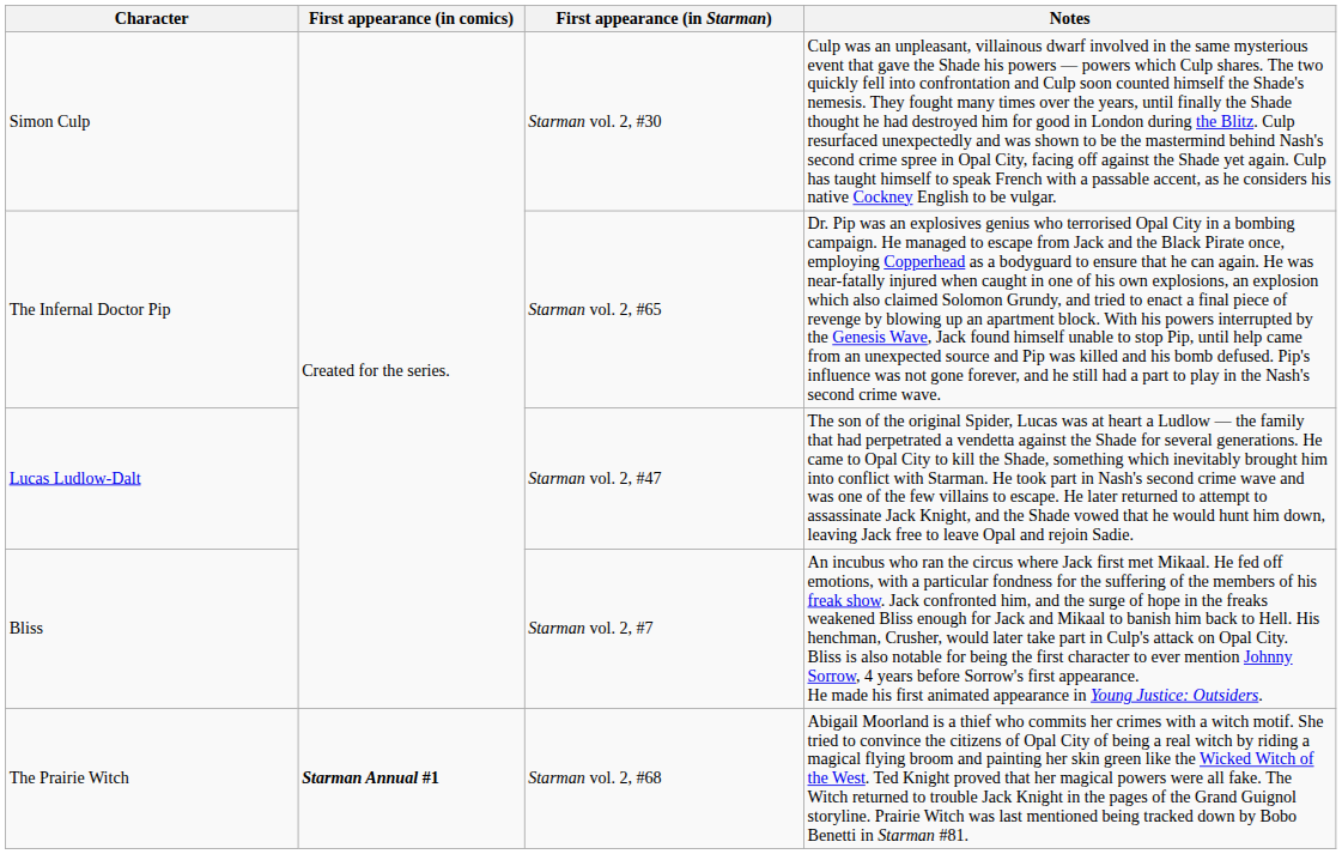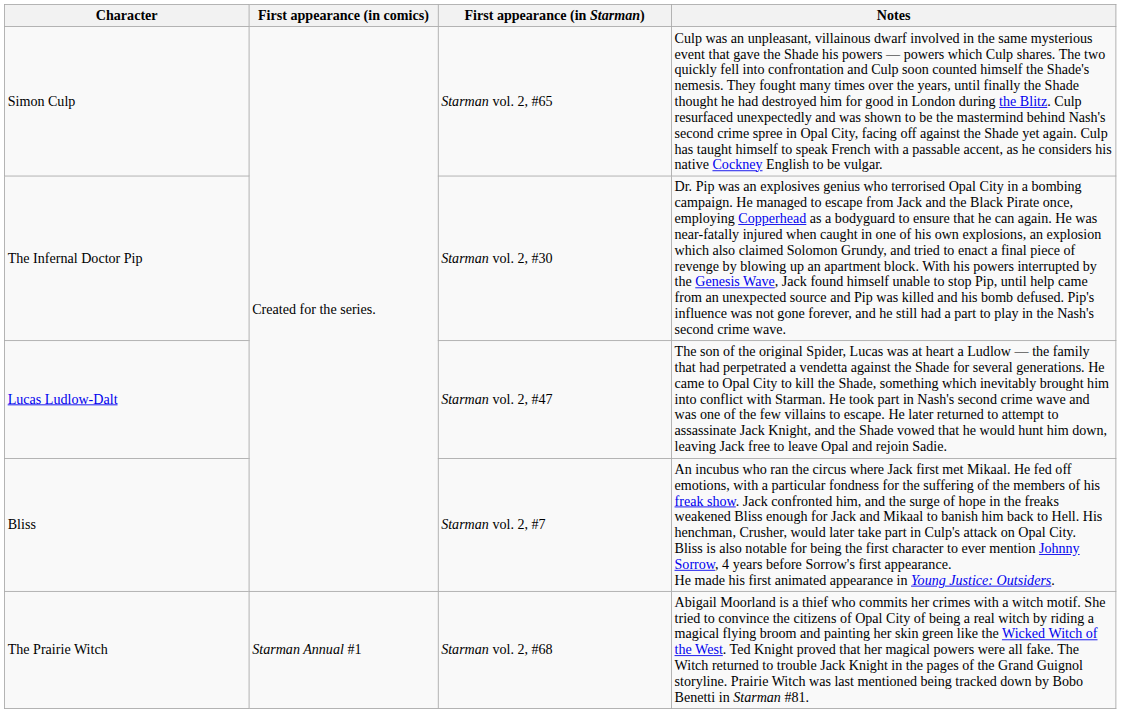 <table class="wikitable" width=100%>
 <tr>
 <th width=22%>Character</th>
 <th width=17%>First appearance (in comics)</th>
 <th width=21%>First appearance (in <em>Starman</em>)</th>
 <th width=40%>Notes</th>
 </tr>
 <tr>
 <td>Simon Culp</td>
 <td rowspan=4>Created for the series.</td>
-<td><em>Starman</em> vol. 2, #30</td>
+<td><em>Starman</em> vol. 2, #65</td>
 <td>Culp was an unpleasant, villainous dwarf involved in the same mysterious event that gave the Shade his powers — powers which Culp shares. The two quickly fell into confrontation and Culp soon counted himself the Shade's nemesis. They fought many times over the years, until finally the Shade thought he had destroyed him for good in London during <a href='#'>the Blitz</a>. Culp resurfaced unexpectedly and was shown to be the mastermind behind Nash's second crime spree in Opal City, facing off against the Shade yet again. Culp has taught himself to speak French with a passable accent, as he considers his native <a href='#'>Cockney</a> English to be vulgar.</td>
 </tr>
 <tr>
 <td>The Infernal Doctor Pip</td>
-<td><em>Starman</em> vol. 2, #65</td>
+<td><em>Starman</em> vol. 2, #30</td>
 <td>Dr. Pip was an explosives genius who terrorised Opal City in a bombing campaign. He managed to escape from Jack and the Black Pirate once, employing <a href='#'>Copperhead</a> as a bodyguard to ensure that he can again. He was near-fatally injured when caught in one of his own explosions, an explosion which also claimed Solomon Grundy, and tried to enact a final piece of revenge by blowing up an apartment block. With his powers interrupted by the <a href='#'>Genesis Wave</a>, Jack found himself unable to stop Pip, until help came from an unexpected source and Pip was killed and his bomb defused. Pip's influence was not gone forever, and he still had a part to play in the Nash's second crime wave.</td>
 </tr>
 <tr>
 <td><a href='#'>Lucas Ludlow-Dalt</a></td>
 <td><em>Starman</em> vol. 2, #47</td>
 <td>The son of the original Spider, Lucas was at heart a Ludlow — the family that had perpetrated a vendetta against the Shade for several generations. He came to Opal City to kill the Shade, something which inevitably brought him into conflict with Starman. He took part in Nash's second crime wave and was one of the few villains to escape. He later returned to attempt to assassinate Jack Knight, and the Shade vowed that he would hunt him down, leaving Jack free to leave Opal and rejoin Sadie.</td>
 </tr>
 <tr>
 <td>Bliss</td>
 <td><em>Starman</em> vol. 2, #7</td>
 <td>An incubus who ran the circus where Jack first met Mikaal. He fed off emotions, with a particular fondness for the suffering of the members of his <a href='#'>freak show</a>. Jack confronted him, and the surge of hope in the freaks weakened Bliss enough for Jack and Mikaal to banish him back to Hell. His henchman, Crusher, would later take part in Culp's attack on Opal City.<br>Bliss is also notable for being the first character to ever mention <a href='#'>Johnny Sorrow</a>, 4 years before Sorrow's first appearance.<br>He made his first animated appearance in <em><a href='#'>Young Justice: Outsiders</a></em>.</td>
 </tr>
 <tr>
 <td>The Prairie Witch</td>
-<td><strong><em>Starman Annual</em> #1</strong></td>
+<td><em>Starman Annual</em> #1</td>
 <td><em>Starman</em> vol. 2, #68</td>
 <td>Abigail Moorland is a thief who commits her crimes with a witch motif. She tried to convince the citizens of Opal City of being a real witch by riding a magical flying broom and painting her skin green like the <a href='#'>Wicked Witch of the West</a>. Ted Knight proved that her magical powers were all fake. The Witch returned to trouble Jack Knight in the pages of the Grand Guignol storyline. Prairie Witch was last mentioned being tracked down by Bobo Benetti in <em>Starman</em> #81.</td>
 </tr>
 </table>
